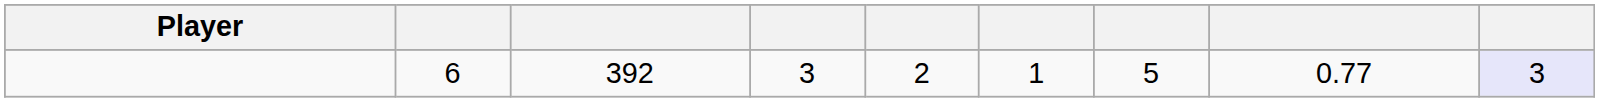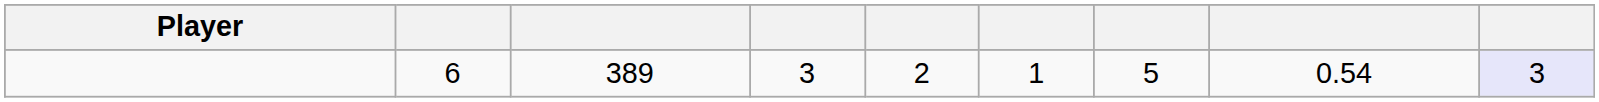 <table class="wikitable sortable" style="width:100%;">
 <tr style="text-align:center; background:#ddd;">
 <th>Player</th>
 <th></th>
 <th></th>
 <th></th>
 <th></th>
 <th></th>
 <th></th>
 <th></th>
 <th></th>
 </tr>
 <tr align=center>
 <td></td>
 <td>6</td>
-<td>392</td>
+<td>389</td>
 <td>3</td>
 <td>2</td>
 <td>1</td>
 <td>5</td>
-<td>0.77</td>
+<td>0.54</td>
 <td style="background: lavender;">3</td>
 </tr>
 </table>
